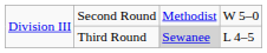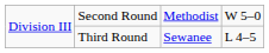 <table class="wikitable">
 <tr>
 <td rowspan="5"><a href='#'>Division III</a></td>
 <td>Second Round</td>
 <td><a href='#'>Methodist</a></td>
 <td>W 5–0</td>
 </tr>
 <tr>
 <td>Third Round</td>
-<td style="background: lightgrey;"><a href='#'>Sewanee</a></td>
+<td><a href='#'>Sewanee</a></td>
 <td>L 4–5</td>
 </tr>
 </table>
